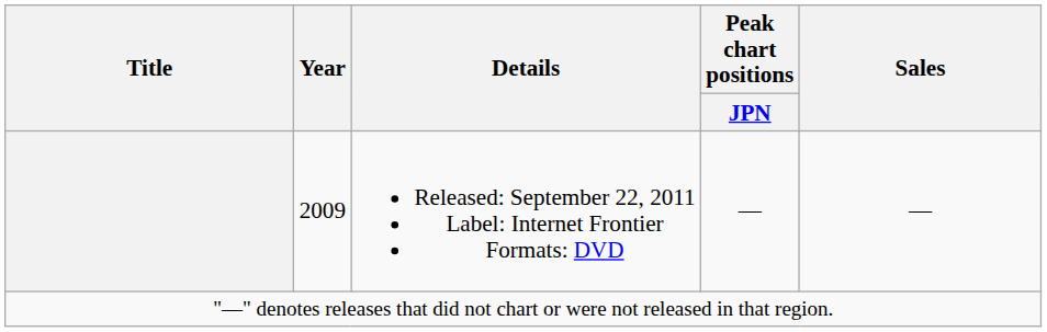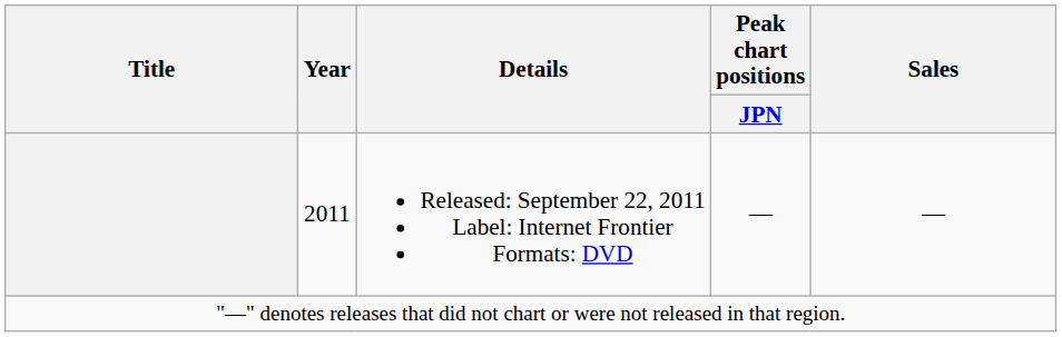 <table class="wikitable plainrowheaders" style="text-align:center;">
 <tr>
 <th rowspan="2" style="width:12em;">Title</th>
 <th rowspan="2">Year</th>
 <th rowspan="2">Details</th>
 <th colspan="1">Peak chart positions</th>
 <th rowspan="2" style="width:10em;">Sales</th>
 </tr>
 <tr>
 <th width="30"><a href='#'>JPN</a></th>
 </tr>
 <tr>
 <th scope="row"></th>
-<td>2009</td>
+<td>2011</td>
 <td><br><ul><li>Released: September 22, 2011</li><li>Label: Internet Frontier</li><li>Formats: <a href='#'>DVD</a></li></ul></td>
 <td>—</td>
 <td>—</td>
 </tr>
 <tr>
 <td colspan="6" style="font-size:90%;">"—" denotes releases that did not chart or were not released in that region.</td>
 </tr>
 </table>
